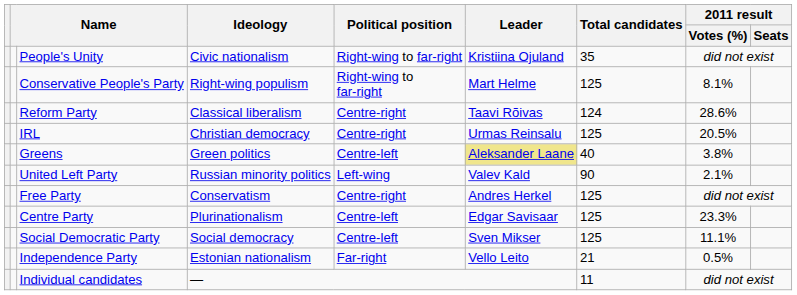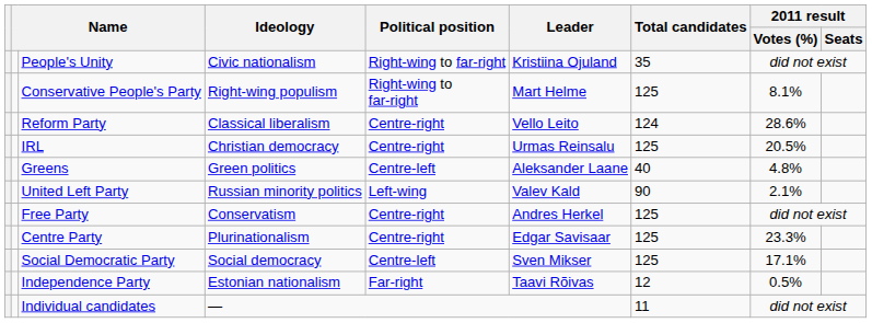 <table class="wikitable" style="text-align:left">
 <tr>
 <th rowspan="2"></th>
 <th colspan="2" rowspan="2">Name</th>
 <th rowspan="2">Ideology</th>
 <th rowspan="2">Political position</th>
 <th rowspan="2">Leader</th>
 <th rowspan="2">Total candidates</th>
 <th colspan="2">2011 result</th>
 </tr>
 <tr>
 <th>Votes (%)</th>
 <th>Seats</th>
 </tr>
 <tr>
 <th></th>
 <td style="color:inherit;background:"></td>
 <td><a href='#'>People's Unity</a></td>
 <td><a href='#'>Civic nationalism</a></td>
 <td><a href='#'>Right-wing</a> to <a href='#'>far-right</a></td>
 <td><a href='#'>Kristiina Ojuland</a></td>
 <td>35</td>
 <td colspan="2" style="text-align:center"><em>did not exist</em></td>
 </tr>
 <tr>
 <th></th>
 <td style="color:inherit;background:"></td>
 <td><a href='#'>Conservative People's Party</a></td>
 <td><a href='#'>Right-wing populism</a></td>
 <td><a href='#'>Right-wing</a> to<br><a href='#'>far-right</a></td>
 <td><a href='#'>Mart Helme</a></td>
 <td>125</td>
 <td style="text-align:center">8.1%</td>
 <td></td>
 </tr>
 <tr>
 <th></th>
 <td style="color:inherit;background:"></td>
 <td><a href='#'>Reform Party</a></td>
 <td><a href='#'>Classical liberalism</a></td>
 <td><a href='#'>Centre-right</a></td>
-<td><a href='#'>Taavi Rõivas</a></td>
+<td><a href='#'>Vello Leito</a></td>
 <td>124</td>
 <td style="text-align:center">28.6%</td>
 <td></td>
 </tr>
 <tr>
 <th></th>
 <td style="color:inherit;background:"></td>
 <td><a href='#'>IRL</a></td>
 <td><a href='#'>Christian democracy</a></td>
 <td><a href='#'>Centre-right</a></td>
 <td><a href='#'>Urmas Reinsalu</a></td>
 <td>125</td>
 <td style="text-align:center">20.5%</td>
 <td></td>
 </tr>
 <tr>
 <th></th>
 <td style="color:inherit;background:"></td>
 <td><a href='#'>Greens</a></td>
 <td><a href='#'>Green politics</a></td>
 <td><a href='#'>Centre-left</a></td>
-<td style="background: khaki;"><a href='#'>Aleksander Laane</a></td>
+<td><a href='#'>Aleksander Laane</a></td>
 <td>40</td>
-<td style="text-align:center">3.8%</td>
+<td style="text-align:center">4.8%</td>
 <td></td>
 </tr>
 <tr>
 <th></th>
 <td style="color:inherit;background:"></td>
 <td><a href='#'>United Left Party</a></td>
 <td><a href='#'>Russian minority politics</a></td>
 <td><a href='#'>Left-wing</a></td>
 <td><a href='#'>Valev Kald</a></td>
 <td>90</td>
 <td style="text-align:center">2.1%</td>
 <td></td>
 </tr>
 <tr>
 <th></th>
 <td style="color:inherit;background:"></td>
 <td><a href='#'>Free Party</a></td>
 <td><a href='#'>Conservatism</a></td>
 <td><a href='#'>Centre-right</a></td>
 <td><a href='#'>Andres Herkel</a></td>
 <td>125</td>
 <td colspan="2" style="text-align:center"><em>did not exist</em></td>
 </tr>
 <tr>
 <th></th>
 <td style="color:inherit;background:"></td>
 <td><a href='#'>Centre Party</a></td>
 <td><a href='#'>Plurinationalism</a></td>
-<td><a href='#'>Centre-left</a></td>
+<td><a href='#'>Centre-right</a></td>
 <td><a href='#'>Edgar Savisaar</a></td>
 <td>125</td>
 <td style="text-align:center">23.3%</td>
 <td></td>
 </tr>
 <tr>
 <th></th>
 <td style="color:inherit;background:"></td>
 <td><a href='#'>Social Democratic Party</a></td>
 <td><a href='#'>Social democracy</a></td>
 <td><a href='#'>Centre-left</a></td>
 <td><a href='#'>Sven Mikser</a></td>
 <td>125</td>
-<td style="text-align:center">11.1%</td>
+<td style="text-align:center">17.1%</td>
 <td></td>
 </tr>
 <tr>
 <th></th>
 <td style="color:inherit;background:"></td>
 <td><a href='#'>Independence Party</a></td>
 <td><a href='#'>Estonian nationalism</a></td>
 <td><a href='#'>Far-right</a></td>
-<td><a href='#'>Vello Leito</a></td>
-<td>21</td>
+<td><a href='#'>Taavi Rõivas</a></td>
+<td>12</td>
 <td style="text-align:center">0.5%</td>
 <td></td>
 </tr>
 <tr>
 <th></th>
 <td style="color:inherit;background:"></td>
 <td><a href='#'>Individual candidates</a></td>
 <td colspan="3">—</td>
 <td>11</td>
 <td colspan="2" style="text-align:center"><em>did not exist</em></td>
 </tr>
 </table>
